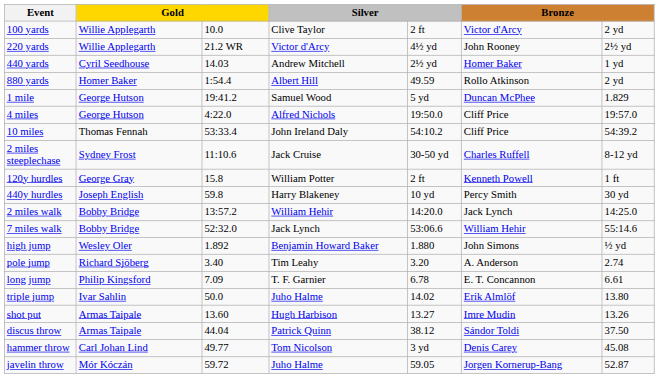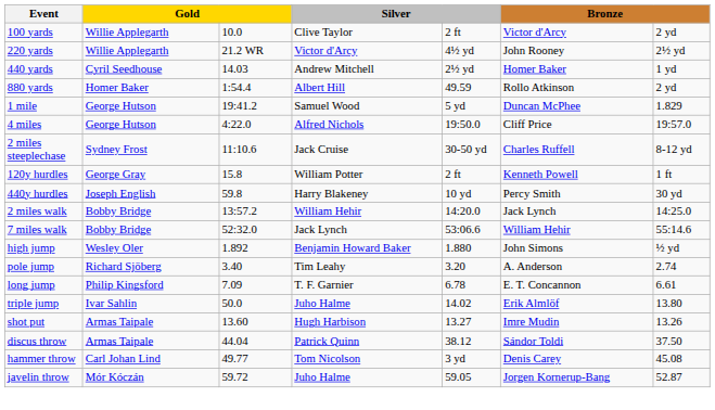 <table class="wikitable" style="text-align:left">
 <tr>
 <th width=100>Event</th>
 <th colspan="2" width="280" style="background:gold;">Gold</th>
 <th colspan="2" width="280" style="background:silver;">Silver</th>
 <th colspan="2" width="280" style="background:#CD7F32;">Bronze</th>
 </tr>
 <tr>
 <td><a href='#'>100 yards</a></td>
 <td><a href='#'>Willie Applegarth</a></td>
 <td>10.0</td>
 <td>Clive Taylor</td>
 <td>2 ft</td>
 <td><a href='#'>Victor d'Arcy</a></td>
 <td>2 yd</td>
 </tr>
 <tr>
 <td><a href='#'>220 yards</a></td>
 <td><a href='#'>Willie Applegarth</a></td>
 <td>21.2 WR</td>
 <td><a href='#'>Victor d'Arcy</a></td>
 <td>4½ yd</td>
 <td>John Rooney</td>
 <td>2½ yd</td>
 </tr>
 <tr>
 <td><a href='#'>440 yards</a></td>
 <td><a href='#'>Cyril Seedhouse</a></td>
 <td>14.03</td>
 <td>Andrew Mitchell</td>
 <td>2½ yd</td>
 <td> <a href='#'>Homer Baker</a></td>
 <td>1 yd</td>
 </tr>
 <tr>
 <td><a href='#'>880 yards</a></td>
 <td> <a href='#'>Homer Baker</a></td>
 <td>1:54.4</td>
 <td><a href='#'>Albert Hill</a></td>
 <td>49.59</td>
 <td>Rollo Atkinson</td>
 <td>2 yd</td>
 </tr>
 <tr>
 <td><a href='#'>1 mile</a></td>
 <td><a href='#'>George Hutson</a></td>
 <td>19:41.2</td>
 <td>Samuel Wood</td>
 <td>5 yd</td>
 <td> <a href='#'>Duncan McPhee</a></td>
 <td>1.829</td>
 </tr>
 <tr>
 <td><a href='#'>4 miles</a></td>
 <td><a href='#'>George Hutson</a></td>
 <td>4:22.0</td>
 <td><a href='#'>Alfred Nichols</a></td>
 <td>19:50.0</td>
 <td>Cliff Price</td>
 <td>19:57.0</td>
-</tr>
-<tr>
-<td><a href='#'>10 miles</a></td>
-<td>Thomas Fennah</td>
-<td>53:33.4</td>
-<td> John Ireland Daly</td>
-<td>54:10.2</td>
-<td>Cliff Price</td>
-<td>54:39.2</td>
 </tr>
 <tr>
 <td><a href='#'>2 miles steeplechase</a></td>
 <td><a href='#'>Sydney Frost</a></td>
 <td>11:10.6</td>
 <td>Jack Cruise</td>
 <td>30-50 yd</td>
 <td><a href='#'>Charles Ruffell</a></td>
 <td>8-12 yd</td>
 </tr>
 <tr>
 <td><a href='#'>120y hurdles</a></td>
 <td><a href='#'>George Gray</a></td>
 <td>15.8</td>
 <td> William Potter</td>
 <td>2 ft</td>
 <td><a href='#'>Kenneth Powell</a></td>
 <td>1 ft</td>
 </tr>
 <tr>
 <td><a href='#'>440y hurdles</a></td>
 <td><a href='#'>Joseph English</a></td>
 <td>59.8</td>
 <td>Harry Blakeney</td>
 <td>10 yd</td>
 <td>Percy Smith</td>
 <td>30 yd</td>
 </tr>
 <tr>
 <td><a href='#'>2 miles walk</a></td>
 <td><a href='#'>Bobby Bridge</a></td>
 <td>13:57.2</td>
 <td><a href='#'>William Hehir</a></td>
 <td>14:20.0</td>
 <td>Jack Lynch</td>
 <td>14:25.0</td>
 </tr>
 <tr>
 <td><a href='#'>7 miles walk</a></td>
 <td><a href='#'>Bobby Bridge</a></td>
 <td>52:32.0</td>
 <td>Jack Lynch</td>
 <td>53:06.6</td>
 <td><a href='#'>William Hehir</a></td>
 <td>55:14.6</td>
 </tr>
 <tr>
 <td><a href='#'>high jump</a></td>
 <td> <a href='#'>Wesley Oler</a></td>
 <td>1.892</td>
 <td><a href='#'>Benjamin Howard Baker</a></td>
 <td>1.880</td>
 <td> John Simons</td>
 <td>½ yd</td>
 </tr>
 <tr>
 <td><a href='#'>pole jump</a></td>
 <td> <a href='#'>Richard Sjöberg</a></td>
 <td>3.40</td>
 <td> Tim Leahy</td>
 <td>3.20</td>
 <td>A. Anderson</td>
 <td>2.74</td>
 </tr>
 <tr>
 <td><a href='#'>long jump</a></td>
 <td><a href='#'>Philip Kingsford</a></td>
 <td>7.09</td>
 <td>T. F. Garnier</td>
 <td>6.78</td>
 <td>E. T. Concannon</td>
 <td>6.61</td>
 </tr>
 <tr>
 <td><a href='#'>triple jump</a></td>
 <td> <a href='#'>Ivar Sahlin</a></td>
 <td>50.0</td>
 <td> <a href='#'>Juho Halme</a></td>
 <td>14.02</td>
 <td> <a href='#'>Erik Almlöf</a></td>
 <td>13.80</td>
 </tr>
 <tr>
 <td><a href='#'>shot put</a></td>
 <td> <a href='#'>Armas Taipale</a></td>
 <td>13.60</td>
 <td> <a href='#'>Hugh Harbison</a></td>
 <td>13.27</td>
 <td> <a href='#'>Imre Mudin</a></td>
 <td>13.26</td>
 </tr>
 <tr>
 <td><a href='#'>discus throw</a></td>
 <td> <a href='#'>Armas Taipale</a></td>
 <td>44.04</td>
 <td> <a href='#'>Patrick Quinn</a></td>
 <td>38.12</td>
 <td> <a href='#'>Sándor Toldi</a></td>
 <td>37.50</td>
 </tr>
 <tr>
 <td><a href='#'>hammer throw</a></td>
 <td> <a href='#'>Carl Johan Lind</a></td>
 <td>49.77</td>
 <td> <a href='#'>Tom Nicolson</a></td>
 <td>3 yd</td>
 <td> <a href='#'>Denis Carey</a></td>
 <td>45.08</td>
 </tr>
 <tr>
 <td><a href='#'>javelin throw</a></td>
 <td> <a href='#'>Mór Kóczán</a></td>
 <td>59.72</td>
 <td> <a href='#'>Juho Halme</a></td>
 <td>59.05</td>
 <td> <a href='#'>Jorgen Kornerup-Bang</a></td>
 <td>52.87</td>
 </tr>
 </table>
